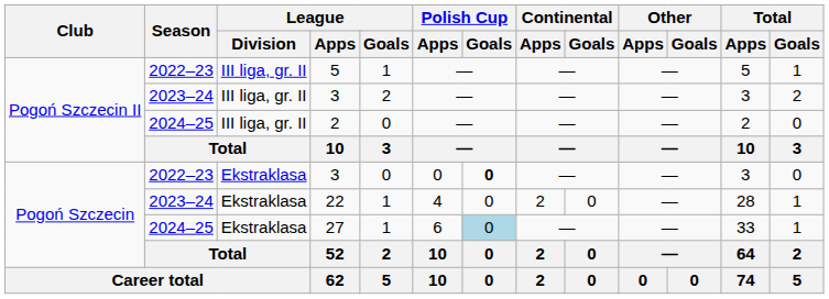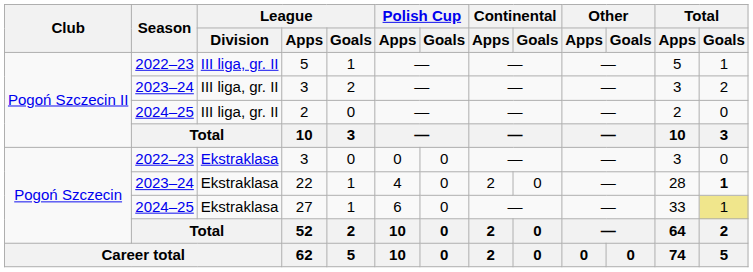 <table class="wikitable" style="text-align: center;">
 <tr>
 <th rowspan=2>Club</th>
 <th rowspan=2>Season</th>
 <th colspan=3>League</th>
 <th colspan=2><a href='#'>Polish Cup</a></th>
 <th colspan=2>Continental</th>
 <th colspan=2>Other</th>
 <th colspan=2>Total</th>
 </tr>
 <tr>
 <th>Division</th>
 <th>Apps</th>
 <th>Goals</th>
 <th>Apps</th>
 <th>Goals</th>
 <th>Apps</th>
 <th>Goals</th>
 <th>Apps</th>
 <th>Goals</th>
 <th>Apps</th>
 <th>Goals</th>
 </tr>
 <tr>
 <td rowspan="4"><a href='#'>Pogoń Szczecin II</a></td>
 <td><a href='#'>2022–23</a></td>
 <td><a href='#'>III liga, gr. II</a></td>
 <td>5</td>
 <td>1</td>
 <td colspan="2">—</td>
 <td colspan="2">—</td>
 <td colspan="2">—</td>
 <td>5</td>
 <td>1</td>
 </tr>
 <tr>
 <td><a href='#'>2023–24</a></td>
 <td>III liga, gr. II</td>
 <td>3</td>
 <td>2</td>
 <td colspan="2">—</td>
 <td colspan="2">—</td>
 <td colspan="2">—</td>
 <td>3</td>
 <td>2</td>
 </tr>
 <tr>
 <td><a href='#'>2024–25</a></td>
 <td>III liga, gr. II</td>
 <td>2</td>
 <td>0</td>
 <td colspan="2">—</td>
 <td colspan="2">—</td>
 <td colspan="2">—</td>
 <td>2</td>
 <td>0</td>
 </tr>
 <tr>
 <th colspan="2">Total</th>
 <th>10</th>
 <th>3</th>
 <th colspan="2">—</th>
 <th colspan="2">—</th>
 <th colspan="2">—</th>
 <th>10</th>
 <th>3</th>
 </tr>
 <tr>
 <td rowspan="4"><a href='#'>Pogoń Szczecin</a></td>
 <td><a href='#'>2022–23</a></td>
 <td><a href='#'>Ekstraklasa</a></td>
 <td>3</td>
 <td>0</td>
 <td>0</td>
-<td><strong>0</strong></td>
+<td>0</td>
 <td colspan="2">—</td>
 <td colspan="2">—</td>
 <td>3</td>
 <td>0</td>
 </tr>
 <tr>
 <td><a href='#'>2023–24</a></td>
 <td>Ekstraklasa</td>
 <td>22</td>
 <td>1</td>
 <td>4</td>
 <td>0</td>
 <td>2</td>
 <td>0</td>
 <td colspan="2">—</td>
 <td>28</td>
-<td>1</td>
+<td><strong>1</strong></td>
 </tr>
 <tr>
 <td><a href='#'>2024–25</a></td>
 <td>Ekstraklasa</td>
 <td>27</td>
 <td>1</td>
 <td>6</td>
-<td style="background: lightblue;">0</td>
+<td>0</td>
 <td colspan="2">—</td>
 <td colspan="2">—</td>
 <td>33</td>
-<td>1</td>
+<td style="background: khaki;">1</td>
 </tr>
 <tr>
 <th colspan="2">Total</th>
 <th>52</th>
 <th>2</th>
 <th>10</th>
 <th>0</th>
 <th>2</th>
 <th>0</th>
 <th colspan="2">—</th>
 <th>64</th>
 <th>2</th>
 </tr>
 <tr>
 <th colspan="3">Career total</th>
 <th>62</th>
 <th>5</th>
 <th>10</th>
 <th>0</th>
 <th>2</th>
 <th>0</th>
 <th>0</th>
 <th>0</th>
 <th>74</th>
 <th>5</th>
 </tr>
 </table>
